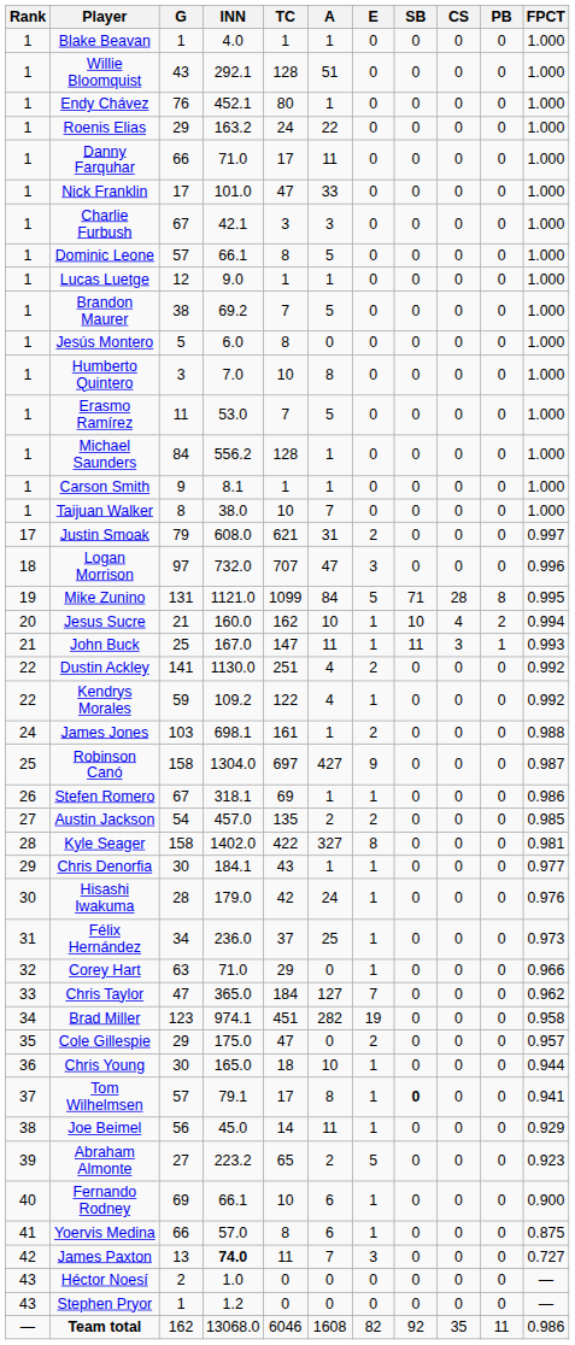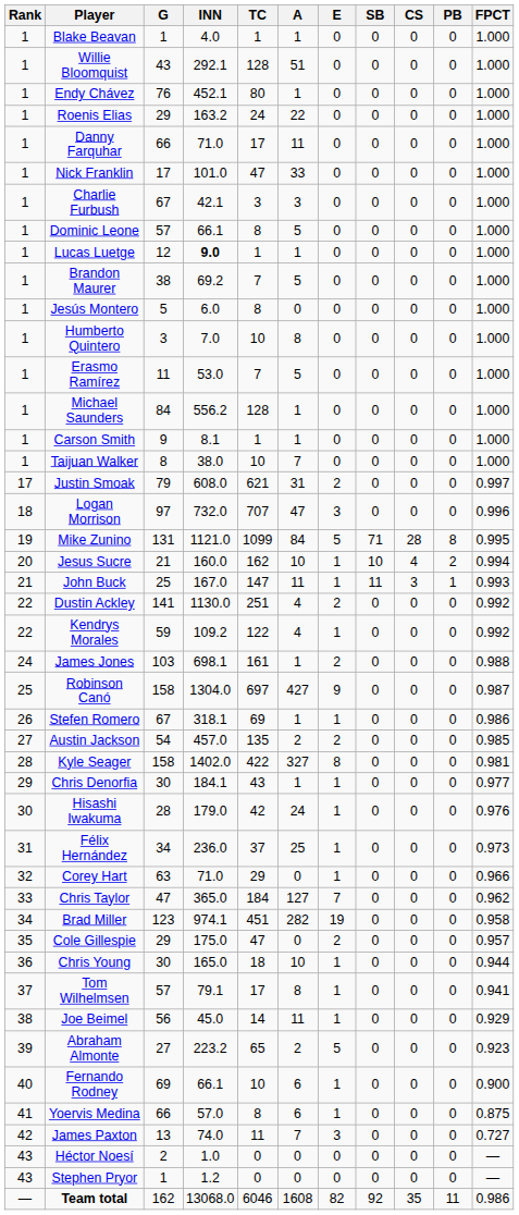 <table class="wikitable sortable">
 <tr>
 <th bgcolor="#DDDDFF" width="8%">Rank</th>
 <th bgcolor="#DDDDFF" width="20%">Player</th>
 <th bgcolor="#DDDDFF" width="8%">G</th>
 <th bgcolor="#DDDDFF" width="8%">INN</th>
 <th bgcolor="#DDDDFF" width="8%">TC</th>
 <th bgcolor="#DDDDFF" width="8%">A</th>
 <th bgcolor="#DDDDFF" width="8%">E</th>
 <th bgcolor="#DDDDFF" width="8%">SB</th>
 <th bgcolor="#DDDDFF" width="8%">CS</th>
 <th bgcolor="#DDDDFF" width="8%">PB</th>
 <th bgcolor="#DDDDFF" width="8%">FPCT</th>
 </tr>
 <tr align="center">
 <td>1</td>
 <td><a href='#'>Blake Beavan</a></td>
 <td>1</td>
 <td>4.0</td>
 <td>1</td>
 <td>1</td>
 <td>0</td>
 <td>0</td>
 <td>0</td>
 <td>0</td>
 <td>1.000</td>
 </tr>
 <tr align="center">
 <td>1</td>
 <td><a href='#'>Willie Bloomquist</a></td>
 <td>43</td>
 <td>292.1</td>
 <td>128</td>
 <td>51</td>
 <td>0</td>
 <td>0</td>
 <td>0</td>
 <td>0</td>
 <td>1.000</td>
 </tr>
 <tr align="center">
 <td>1</td>
 <td><a href='#'>Endy Chávez</a></td>
 <td>76</td>
 <td>452.1</td>
 <td>80</td>
 <td>1</td>
 <td>0</td>
 <td>0</td>
 <td>0</td>
 <td>0</td>
 <td>1.000</td>
 </tr>
 <tr align="center">
 <td>1</td>
 <td><a href='#'>Roenis Elias</a></td>
 <td>29</td>
 <td>163.2</td>
 <td>24</td>
 <td>22</td>
 <td>0</td>
 <td>0</td>
 <td>0</td>
 <td>0</td>
 <td>1.000</td>
 </tr>
 <tr align="center">
 <td>1</td>
 <td><a href='#'>Danny Farquhar</a></td>
 <td>66</td>
 <td>71.0</td>
 <td>17</td>
 <td>11</td>
 <td>0</td>
 <td>0</td>
 <td>0</td>
 <td>0</td>
 <td>1.000</td>
 </tr>
 <tr align="center">
 <td>1</td>
 <td><a href='#'>Nick Franklin</a></td>
 <td>17</td>
 <td>101.0</td>
 <td>47</td>
 <td>33</td>
 <td>0</td>
 <td>0</td>
 <td>0</td>
 <td>0</td>
 <td>1.000</td>
 </tr>
 <tr align="center">
 <td>1</td>
 <td><a href='#'>Charlie Furbush</a></td>
 <td>67</td>
 <td>42.1</td>
 <td>3</td>
 <td>3</td>
 <td>0</td>
 <td>0</td>
 <td>0</td>
 <td>0</td>
 <td>1.000</td>
 </tr>
 <tr align="center">
 <td>1</td>
 <td><a href='#'>Dominic Leone</a></td>
 <td>57</td>
 <td>66.1</td>
 <td>8</td>
 <td>5</td>
 <td>0</td>
 <td>0</td>
 <td>0</td>
 <td>0</td>
 <td>1.000</td>
 </tr>
 <tr align="center">
 <td>1</td>
 <td><a href='#'>Lucas Luetge</a></td>
 <td>12</td>
-<td>9.0</td>
+<td><strong>9.0</strong></td>
 <td>1</td>
 <td>1</td>
 <td>0</td>
 <td>0</td>
 <td>0</td>
 <td>0</td>
 <td>1.000</td>
 </tr>
 <tr align="center">
 <td>1</td>
 <td><a href='#'>Brandon Maurer</a></td>
 <td>38</td>
 <td>69.2</td>
 <td>7</td>
 <td>5</td>
 <td>0</td>
 <td>0</td>
 <td>0</td>
 <td>0</td>
 <td>1.000</td>
 </tr>
 <tr align="center">
 <td>1</td>
 <td><a href='#'>Jesús Montero</a></td>
 <td>5</td>
 <td>6.0</td>
 <td>8</td>
 <td>0</td>
 <td>0</td>
 <td>0</td>
 <td>0</td>
 <td>0</td>
 <td>1.000</td>
 </tr>
 <tr align="center">
 <td>1</td>
 <td><a href='#'>Humberto Quintero</a></td>
 <td>3</td>
 <td>7.0</td>
 <td>10</td>
 <td>8</td>
 <td>0</td>
 <td>0</td>
 <td>0</td>
 <td>0</td>
 <td>1.000</td>
 </tr>
 <tr align="center">
 <td>1</td>
 <td><a href='#'>Erasmo Ramírez</a></td>
 <td>11</td>
 <td>53.0</td>
 <td>7</td>
 <td>5</td>
 <td>0</td>
 <td>0</td>
 <td>0</td>
 <td>0</td>
 <td>1.000</td>
 </tr>
 <tr align="center">
 <td>1</td>
 <td><a href='#'>Michael Saunders</a></td>
 <td>84</td>
 <td>556.2</td>
 <td>128</td>
 <td>1</td>
 <td>0</td>
 <td>0</td>
 <td>0</td>
 <td>0</td>
 <td>1.000</td>
 </tr>
 <tr align="center">
 <td>1</td>
 <td><a href='#'>Carson Smith</a></td>
 <td>9</td>
 <td>8.1</td>
 <td>1</td>
 <td>1</td>
 <td>0</td>
 <td>0</td>
 <td>0</td>
 <td>0</td>
 <td>1.000</td>
 </tr>
 <tr align="center">
 <td>1</td>
 <td><a href='#'>Taijuan Walker</a></td>
 <td>8</td>
 <td>38.0</td>
 <td>10</td>
 <td>7</td>
 <td>0</td>
 <td>0</td>
 <td>0</td>
 <td>0</td>
 <td>1.000</td>
 </tr>
 <tr align="center">
 <td>17</td>
 <td><a href='#'>Justin Smoak</a></td>
 <td>79</td>
 <td>608.0</td>
 <td>621</td>
 <td>31</td>
 <td>2</td>
 <td>0</td>
 <td>0</td>
 <td>0</td>
 <td>0.997</td>
 </tr>
 <tr align="center">
 <td>18</td>
 <td><a href='#'>Logan Morrison</a></td>
 <td>97</td>
 <td>732.0</td>
 <td>707</td>
 <td>47</td>
 <td>3</td>
 <td>0</td>
 <td>0</td>
 <td>0</td>
 <td>0.996</td>
 </tr>
 <tr align="center">
 <td>19</td>
 <td><a href='#'>Mike Zunino</a></td>
 <td>131</td>
 <td>1121.0</td>
 <td>1099</td>
 <td>84</td>
 <td>5</td>
 <td>71</td>
 <td>28</td>
 <td>8</td>
 <td>0.995</td>
 </tr>
 <tr align="center">
 <td>20</td>
 <td><a href='#'>Jesus Sucre</a></td>
 <td>21</td>
 <td>160.0</td>
 <td>162</td>
 <td>10</td>
 <td>1</td>
 <td>10</td>
 <td>4</td>
 <td>2</td>
 <td>0.994</td>
 </tr>
 <tr align="center">
 <td>21</td>
 <td><a href='#'>John Buck</a></td>
 <td>25</td>
 <td>167.0</td>
 <td>147</td>
 <td>11</td>
 <td>1</td>
 <td>11</td>
 <td>3</td>
 <td>1</td>
 <td>0.993</td>
 </tr>
 <tr align="center">
 <td>22</td>
 <td><a href='#'>Dustin Ackley</a></td>
 <td>141</td>
 <td>1130.0</td>
 <td>251</td>
 <td>4</td>
 <td>2</td>
 <td>0</td>
 <td>0</td>
 <td>0</td>
 <td>0.992</td>
 </tr>
 <tr align="center">
 <td>22</td>
 <td><a href='#'>Kendrys Morales</a></td>
 <td>59</td>
 <td>109.2</td>
 <td>122</td>
 <td>4</td>
 <td>1</td>
 <td>0</td>
 <td>0</td>
 <td>0</td>
 <td>0.992</td>
 </tr>
 <tr align="center">
 <td>24</td>
 <td><a href='#'>James Jones</a></td>
 <td>103</td>
 <td>698.1</td>
 <td>161</td>
 <td>1</td>
 <td>2</td>
 <td>0</td>
 <td>0</td>
 <td>0</td>
 <td>0.988</td>
 </tr>
 <tr align="center">
 <td>25</td>
 <td><a href='#'>Robinson Canó</a></td>
 <td>158</td>
 <td>1304.0</td>
 <td>697</td>
 <td>427</td>
 <td>9</td>
 <td>0</td>
 <td>0</td>
 <td>0</td>
 <td>0.987</td>
 </tr>
 <tr align="center">
 <td>26</td>
 <td><a href='#'>Stefen Romero</a></td>
 <td>67</td>
 <td>318.1</td>
 <td>69</td>
 <td>1</td>
 <td>1</td>
 <td>0</td>
 <td>0</td>
 <td>0</td>
 <td>0.986</td>
 </tr>
 <tr align="center">
 <td>27</td>
 <td><a href='#'>Austin Jackson</a></td>
 <td>54</td>
 <td>457.0</td>
 <td>135</td>
 <td>2</td>
 <td>2</td>
 <td>0</td>
 <td>0</td>
 <td>0</td>
 <td>0.985</td>
 </tr>
 <tr align="center">
 <td>28</td>
 <td><a href='#'>Kyle Seager</a></td>
 <td>158</td>
 <td>1402.0</td>
 <td>422</td>
 <td>327</td>
 <td>8</td>
 <td>0</td>
 <td>0</td>
 <td>0</td>
 <td>0.981</td>
 </tr>
 <tr align="center">
 <td>29</td>
 <td><a href='#'>Chris Denorfia</a></td>
 <td>30</td>
 <td>184.1</td>
 <td>43</td>
 <td>1</td>
 <td>1</td>
 <td>0</td>
 <td>0</td>
 <td>0</td>
 <td>0.977</td>
 </tr>
 <tr align="center">
 <td>30</td>
 <td><a href='#'>Hisashi Iwakuma</a></td>
 <td>28</td>
 <td>179.0</td>
 <td>42</td>
 <td>24</td>
 <td>1</td>
 <td>0</td>
 <td>0</td>
 <td>0</td>
 <td>0.976</td>
 </tr>
 <tr align="center">
 <td>31</td>
 <td><a href='#'>Félix Hernández</a></td>
 <td>34</td>
 <td>236.0</td>
 <td>37</td>
 <td>25</td>
 <td>1</td>
 <td>0</td>
 <td>0</td>
 <td>0</td>
 <td>0.973</td>
 </tr>
 <tr align="center">
 <td>32</td>
 <td><a href='#'>Corey Hart</a></td>
 <td>63</td>
 <td>71.0</td>
 <td>29</td>
 <td>0</td>
 <td>1</td>
 <td>0</td>
 <td>0</td>
 <td>0</td>
 <td>0.966</td>
 </tr>
 <tr align="center">
 <td>33</td>
 <td><a href='#'>Chris Taylor</a></td>
 <td>47</td>
 <td>365.0</td>
 <td>184</td>
 <td>127</td>
 <td>7</td>
 <td>0</td>
 <td>0</td>
 <td>0</td>
 <td>0.962</td>
 </tr>
 <tr align="center">
 <td>34</td>
 <td><a href='#'>Brad Miller</a></td>
 <td>123</td>
 <td>974.1</td>
 <td>451</td>
 <td>282</td>
 <td>19</td>
 <td>0</td>
 <td>0</td>
 <td>0</td>
 <td>0.958</td>
 </tr>
 <tr align="center">
 <td>35</td>
 <td><a href='#'>Cole Gillespie</a></td>
 <td>29</td>
 <td>175.0</td>
 <td>47</td>
 <td>0</td>
 <td>2</td>
 <td>0</td>
 <td>0</td>
 <td>0</td>
 <td>0.957</td>
 </tr>
 <tr align="center">
 <td>36</td>
 <td><a href='#'>Chris Young</a></td>
 <td>30</td>
 <td>165.0</td>
 <td>18</td>
 <td>10</td>
 <td>1</td>
 <td>0</td>
 <td>0</td>
 <td>0</td>
 <td>0.944</td>
 </tr>
 <tr align="center">
 <td>37</td>
 <td><a href='#'>Tom Wilhelmsen</a></td>
 <td>57</td>
 <td>79.1</td>
 <td>17</td>
 <td>8</td>
 <td>1</td>
-<td><strong>0</strong></td>
+<td>0</td>
 <td>0</td>
 <td>0</td>
 <td>0.941</td>
 </tr>
 <tr align="center">
 <td>38</td>
 <td><a href='#'>Joe Beimel</a></td>
 <td>56</td>
 <td>45.0</td>
 <td>14</td>
 <td>11</td>
 <td>1</td>
 <td>0</td>
 <td>0</td>
 <td>0</td>
 <td>0.929</td>
 </tr>
 <tr align="center">
 <td>39</td>
 <td><a href='#'>Abraham Almonte</a></td>
 <td>27</td>
 <td>223.2</td>
 <td>65</td>
 <td>2</td>
 <td>5</td>
 <td>0</td>
 <td>0</td>
 <td>0</td>
 <td>0.923</td>
 </tr>
 <tr align="center">
 <td>40</td>
 <td><a href='#'>Fernando Rodney</a></td>
 <td>69</td>
 <td>66.1</td>
 <td>10</td>
 <td>6</td>
 <td>1</td>
 <td>0</td>
 <td>0</td>
 <td>0</td>
 <td>0.900</td>
 </tr>
 <tr align="center">
 <td>41</td>
 <td><a href='#'>Yoervis Medina</a></td>
 <td>66</td>
 <td>57.0</td>
 <td>8</td>
 <td>6</td>
 <td>1</td>
 <td>0</td>
 <td>0</td>
 <td>0</td>
 <td>0.875</td>
 </tr>
 <tr align="center">
 <td>42</td>
 <td><a href='#'>James Paxton</a></td>
 <td>13</td>
-<td><strong>74.0</strong></td>
+<td>74.0</td>
 <td>11</td>
 <td>7</td>
 <td>3</td>
 <td>0</td>
 <td>0</td>
 <td>0</td>
 <td>0.727</td>
 </tr>
 <tr align="center">
 <td>43</td>
 <td><a href='#'>Héctor Noesí</a></td>
 <td>2</td>
 <td>1.0</td>
 <td>0</td>
 <td>0</td>
 <td>0</td>
 <td>0</td>
 <td>0</td>
 <td>0</td>
 <td>—</td>
 </tr>
 <tr align="center">
 <td>43</td>
 <td><a href='#'>Stephen Pryor</a></td>
 <td>1</td>
 <td>1.2</td>
 <td>0</td>
 <td>0</td>
 <td>0</td>
 <td>0</td>
 <td>0</td>
 <td>0</td>
 <td>—</td>
 </tr>
 <tr class=sortbottom - align="center">
 <td>—</td>
 <td><strong>Team total</strong></td>
 <td>162</td>
 <td>13068.0</td>
 <td>6046</td>
 <td>1608</td>
 <td>82</td>
 <td>92</td>
 <td>35</td>
 <td>11</td>
 <td>0.986</td>
 </tr>
 </table>
